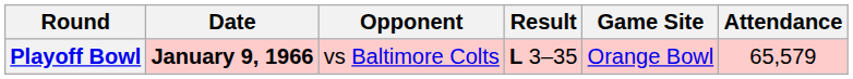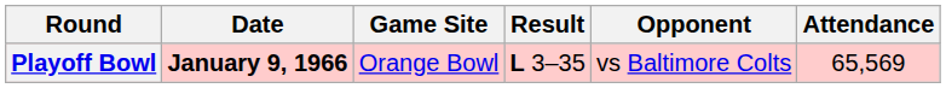 <table class="wikitable" style="text-align:center">
 <tr>
 <th>Round</th>
 <th>Date</th>
+<th>Game Site</th>
+<th>Result</th>
 <th>Opponent</th>
-<th>Result</th>
-<th>Game Site</th>
 <th>Attendance</th>
 </tr>
 <tr style="background: #fcc">
 <th><a href='#'>Playoff Bowl</a></th>
 <td><strong>January 9, 1966</strong></td>
+<td><a href='#'>Orange Bowl</a></td>
+<td><strong>L</strong> 3–35</td>
 <td>vs <a href='#'>Baltimore Colts</a></td>
-<td><strong>L</strong> 3–35</td>
-<td><a href='#'>Orange Bowl</a></td>
-<td>65,579</td>
+<td>65,569</td>
 </tr>
 </table>
